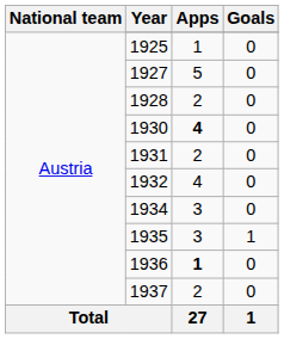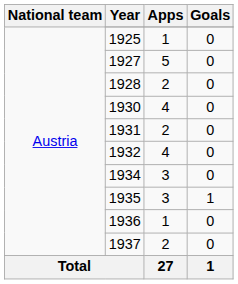 <table class=wikitable style=text-align:center>
 <tr>
 <th>National team</th>
 <th>Year</th>
 <th>Apps</th>
 <th>Goals</th>
 </tr>
 <tr>
 <td rowspan=11><a href='#'>Austria</a></td>
 </tr>
 <tr>
 <td>1925</td>
 <td>1</td>
 <td>0</td>
 </tr>
 <tr>
 <td>1927</td>
 <td>5</td>
 <td>0</td>
 </tr>
 <tr>
 <td>1928</td>
 <td>2</td>
 <td>0</td>
 </tr>
 <tr>
 <td>1930</td>
-<td><strong>4</strong></td>
+<td>4</td>
 <td>0</td>
 </tr>
 <tr>
 <td>1931</td>
 <td>2</td>
 <td>0</td>
 </tr>
 <tr>
 <td>1932</td>
 <td>4</td>
 <td>0</td>
 </tr>
 <tr>
 <td>1934</td>
 <td>3</td>
 <td>0</td>
 </tr>
 <tr>
 <td>1935</td>
 <td>3</td>
 <td>1</td>
 </tr>
 <tr>
 <td>1936</td>
-<td><strong>1</strong></td>
+<td>1</td>
 <td>0</td>
 </tr>
 <tr>
 <td>1937</td>
 <td>2</td>
 <td>0</td>
 </tr>
 <tr>
 <th colspan=2>Total</th>
 <th>27</th>
 <th>1</th>
 </tr>
 </table>
